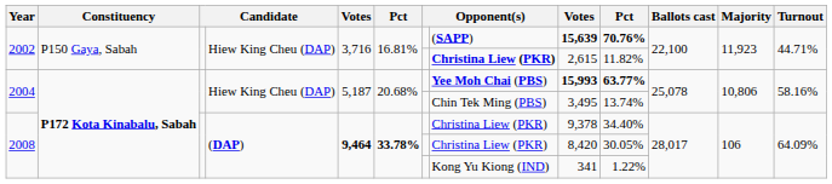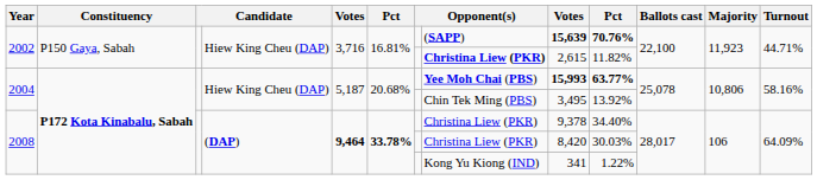 <table class="wikitable" style="margin:0.5em ; font-size:95%">
 <tr>
 <th>Year</th>
 <th>Constituency</th>
 <th colspan=2>Candidate</th>
 <th>Votes</th>
 <th>Pct</th>
 <th colspan=2>Opponent(s)</th>
 <th>Votes</th>
 <th>Pct</th>
 <th>Ballots cast</th>
 <th>Majority</th>
 <th>Turnout</th>
 </tr>
 <tr>
 <td rowspan=2><a href='#'>2002</a></td>
 <td rowspan=2>P150 <a href='#'>Gaya</a>, Sabah</td>
 <td rowspan=2 ></td>
 <td rowspan=2>Hiew King Cheu (<a href='#'>DAP</a>)</td>
 <td rowspan=2 align="right">3,716</td>
 <td rowspan=2>16.81%</td>
 <td></td>
 <td> (<a href='#'><strong>SAPP</strong></a>)</td>
 <td align="right"><strong>15,639</strong></td>
 <td><strong>70.76%</strong></td>
 <td rowspan="2">22,100</td>
 <td rowspan="2">11,923</td>
 <td rowspan="2">44.71%</td>
 </tr>
 <tr>
 <td></td>
 <td><strong><a href='#'>Christina Liew</a> (<a href='#'>PKR</a>)</strong></td>
 <td align="right">2,615</td>
 <td>11.82%</td>
 </tr>
 <tr>
 <td rowspan="2"><a href='#'>2004</a></td>
 <td rowspan="5"><strong>P172 <a href='#'>Kota Kinabalu</a>, Sabah</strong></td>
 <td rowspan="2" ></td>
 <td rowspan="2">Hiew King Cheu (<a href='#'>DAP</a>)</td>
 <td rowspan="2" align="right">5,187</td>
 <td rowspan="2">20.68%</td>
 <td></td>
 <td><strong><a href='#'>Yee Moh Chai</a></strong> (<a href='#'><strong>PBS</strong></a>)</td>
 <td align="right"><strong>15,993</strong></td>
 <td><strong>63.77%</strong></td>
 <td rowspan="2">25,078</td>
 <td rowspan="2">10,806</td>
 <td rowspan="2">58.16%</td>
 </tr>
 <tr>
 <td></td>
 <td>Chin Tek Ming (<a href='#'>PBS</a>)</td>
 <td align=right>3,495</td>
-<td>13.74%</td>
+<td>13.92%</td>
 </tr>
 <tr>
 <td rowspan="3"><a href='#'>2008</a></td>
 <td rowspan="3" ></td>
 <td rowspan="3"> (<a href='#'><strong>DAP</strong></a>)</td>
 <td rowspan="3" align="right"><strong>9,464</strong></td>
 <td rowspan="3"><strong>33.78%</strong></td>
 <td></td>
 <td><a href='#'>Christina Liew</a> (<a href='#'>PKR</a>)</td>
 <td align="right">9,378</td>
 <td>34.40%</td>
 <td rowspan="3">28,017</td>
 <td rowspan="3">106</td>
 <td rowspan="3">64.09%</td>
 </tr>
 <tr>
 <td></td>
 <td><a href='#'>Christina Liew</a> (<a href='#'>PKR</a>)</td>
 <td align=right>8,420</td>
-<td>30.05%</td>
+<td>30.03%</td>
 </tr>
 <tr>
 <td></td>
 <td>Kong Yu Kiong (<a href='#'>IND</a>)</td>
 <td align=right>341</td>
 <td align=right>1.22%</td>
 </tr>
 </table>
